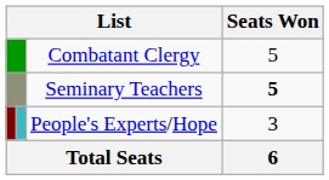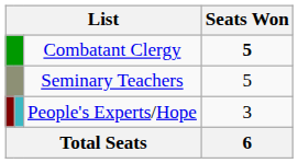 <table class="wikitable" style="text-align:center; margin-left:1em; font-size:91%; float:right;">
 <tr>
 <th colspan=3>List</th>
 <th>Seats Won</th>
 </tr>
 <tr>
 <td style="background:#009900;" colspan="2"></td>
 <td><a href='#'>Combatant Clergy</a></td>
-<td>5</td>
+<td><strong>5</strong></td>
 </tr>
 <tr>
 <td style="background:#8d9075;" colspan="2"></td>
 <td><a href='#'>Seminary Teachers</a></td>
-<td><strong>5</strong></td>
+<td>5</td>
 </tr>
 <tr>
 <td style="background:#800000;"></td>
 <td style="background:#3cb8c2;"></td>
 <td><a href='#'>People's Experts</a>/<a href='#'>Hope</a></td>
 <td>3</td>
 </tr>
 <tr>
 <th colspan=3>Total Seats</th>
 <th colspan=2>6</th>
 </tr>
 </table>
